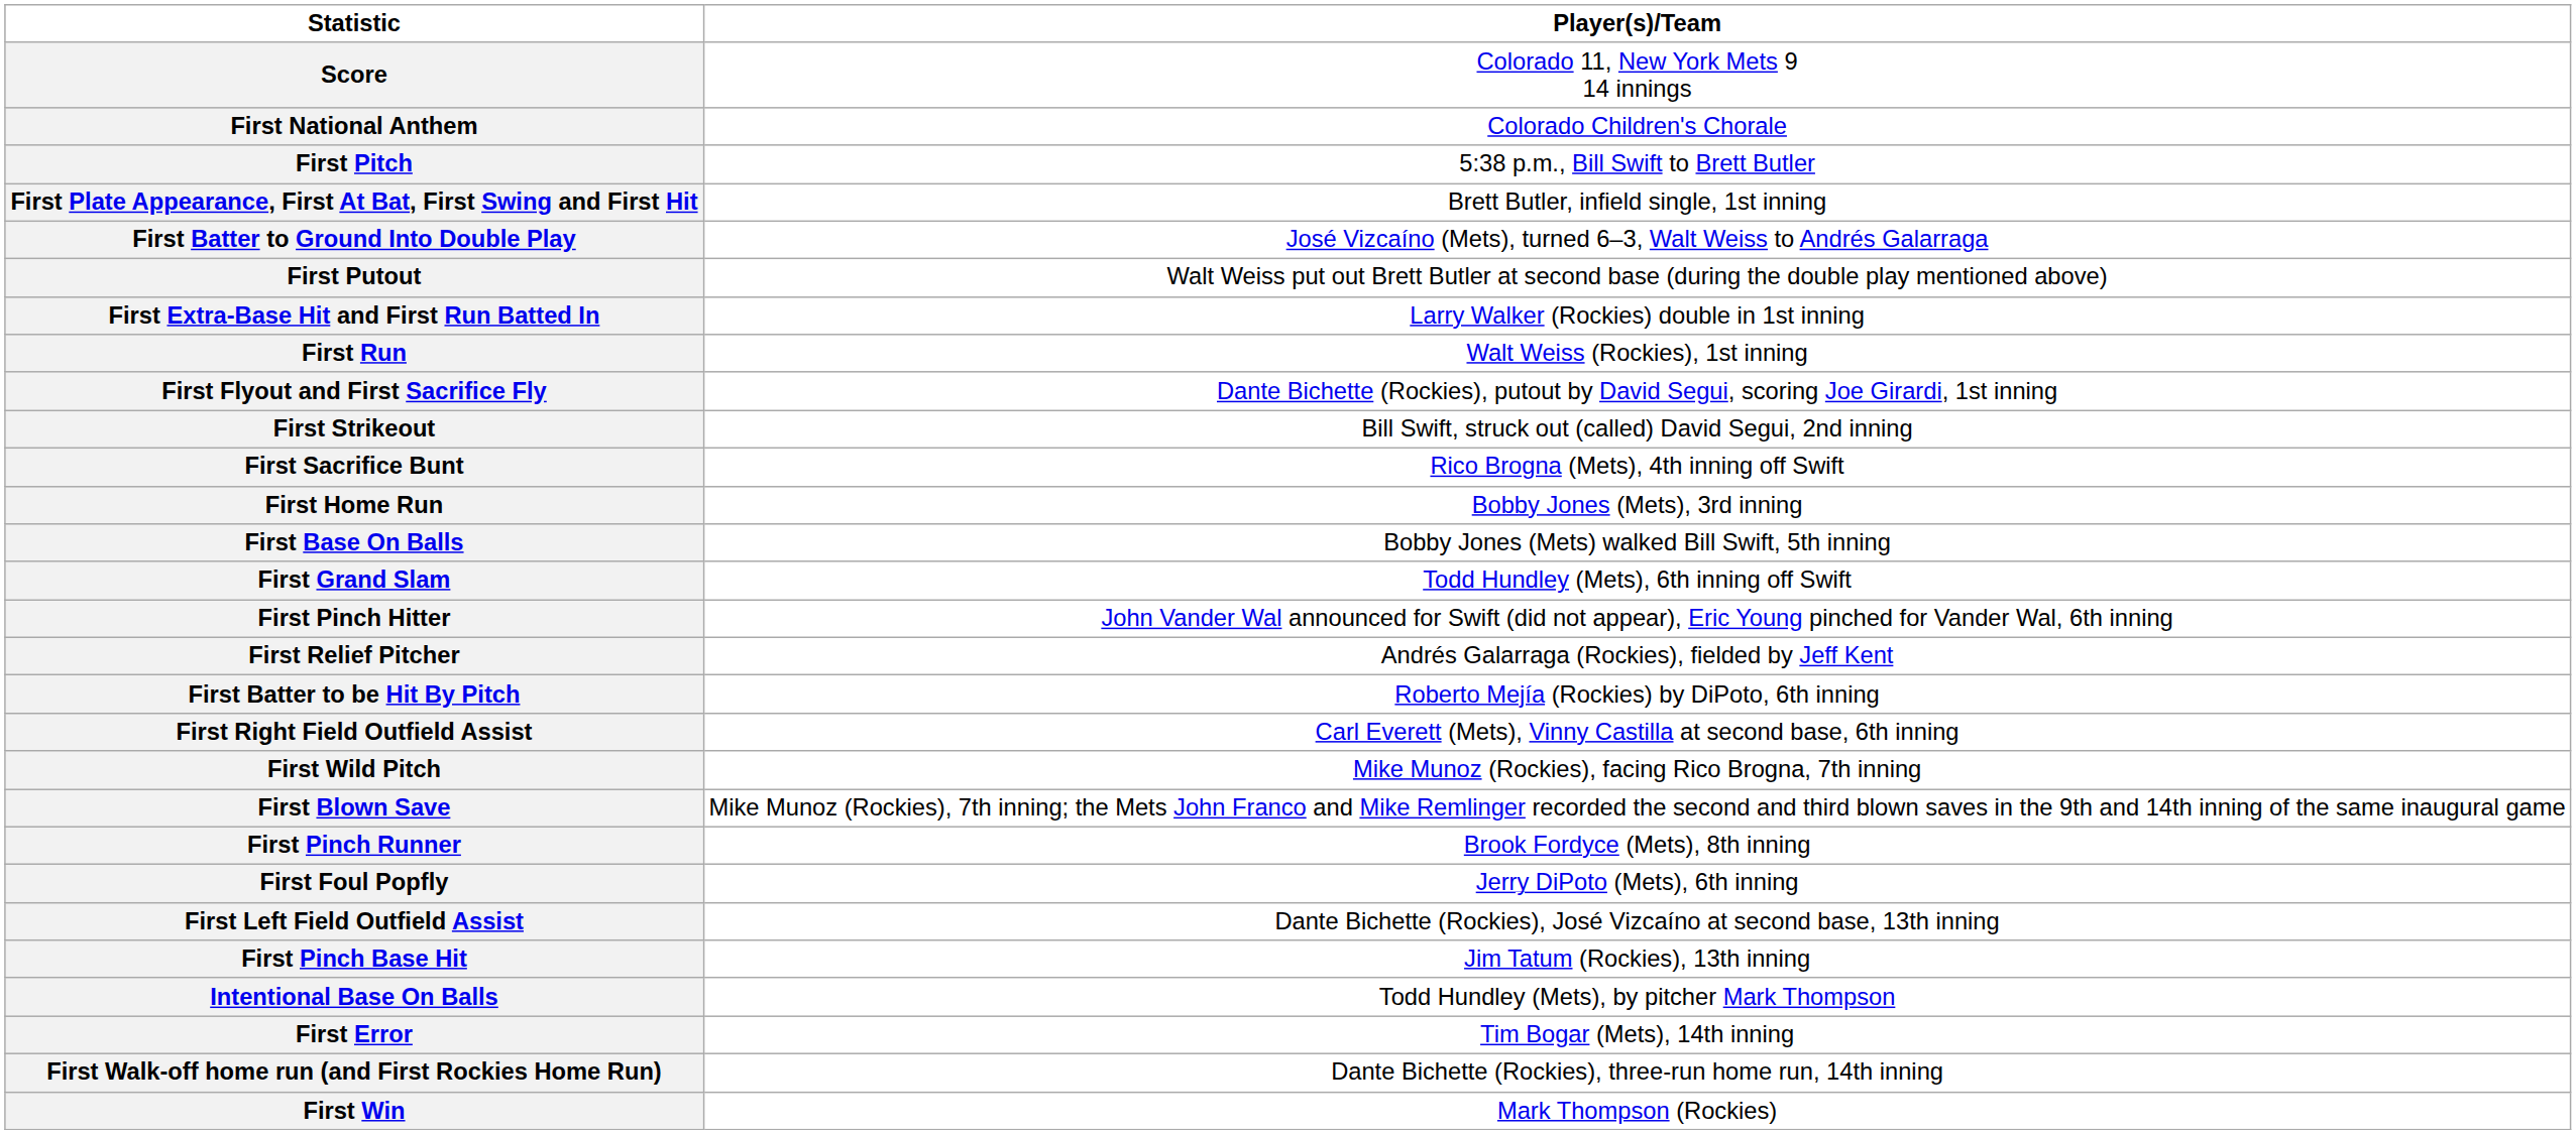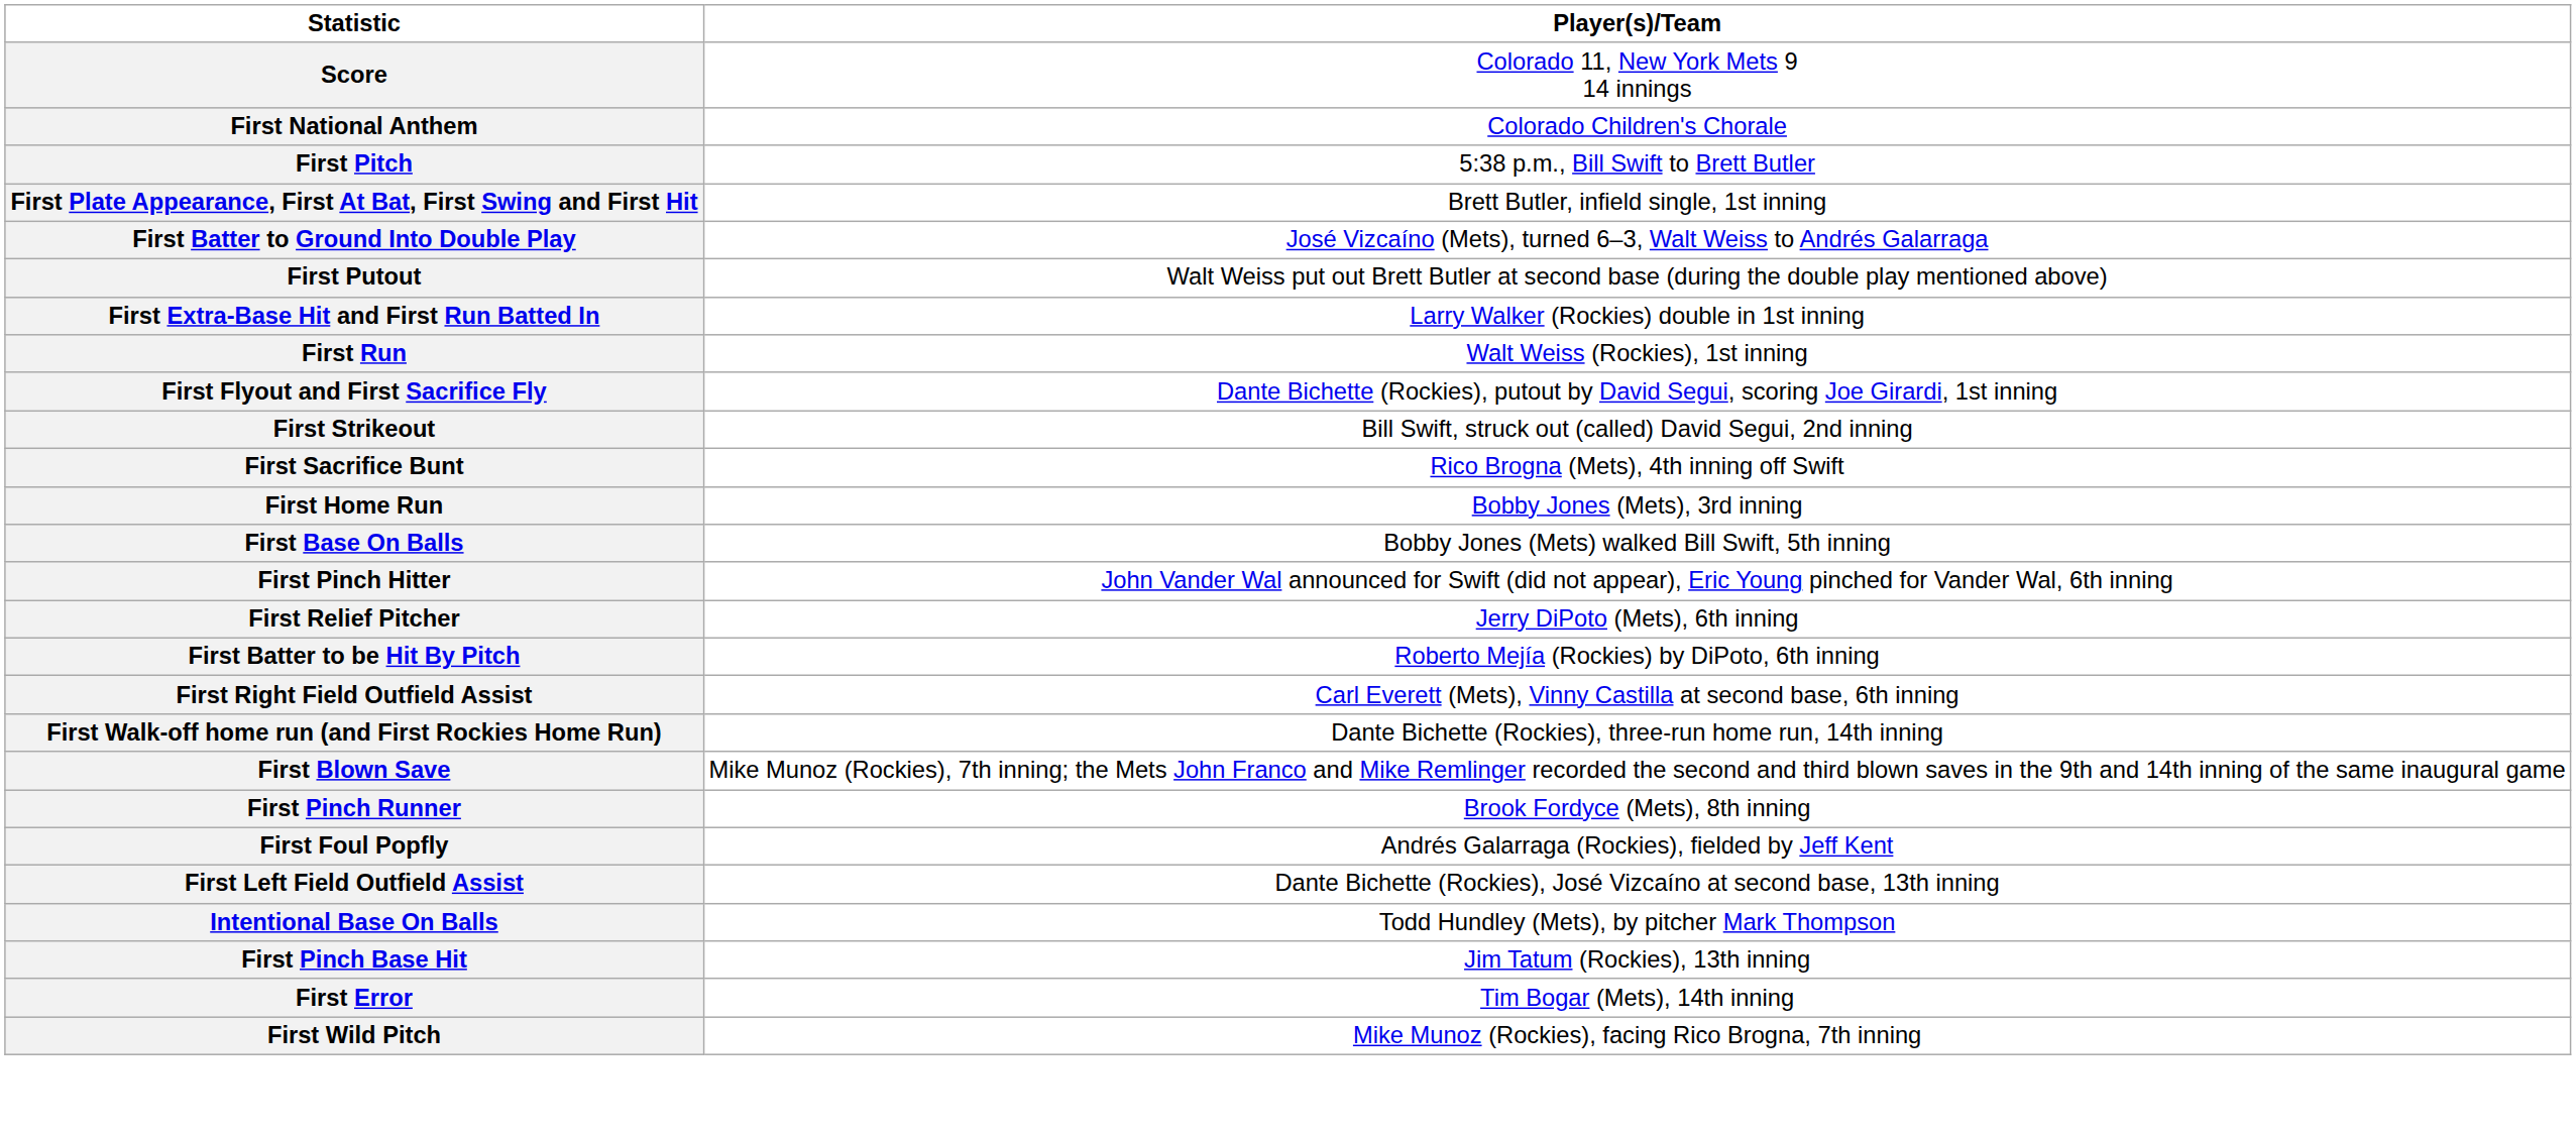 <table class="wikitable" align=center style="margin-left:15px; text-align:center; background:#ffffff;">
 <tr>
 <td><strong>Statistic</strong></td>
 <td><strong>Player(s)/Team</strong></td>
 </tr>
 <tr>
 <th>Score</th>
 <td><a href='#'>Colorado</a> 11, <a href='#'>New York Mets</a> 9<br>14 innings</td>
 </tr>
 <tr>
 <th>First National Anthem</th>
 <td><a href='#'>Colorado Children's Chorale</a></td>
 </tr>
 <tr>
 <th>First <a href='#'><span>Pitch</span></a></th>
 <td>5:38 p.m., <a href='#'>Bill Swift</a> to <a href='#'>Brett Butler</a></td>
 </tr>
 <tr>
 <th>First <a href='#'><span>Plate Appearance</span></a>, First <a href='#'><span>At Bat</span></a>, First <a href='#'><span>Swing</span></a> and First <a href='#'><span>Hit</span></a></th>
 <td>Brett Butler, infield single, 1st inning</td>
 </tr>
 <tr>
 <th>First <a href='#'><span>Batter</span></a> to <a href='#'><span>Ground Into Double Play</span></a></th>
 <td><a href='#'>José Vizcaíno</a> (Mets), turned 6–3, <a href='#'>Walt Weiss</a> to <a href='#'>Andrés Galarraga</a></td>
 </tr>
 <tr>
 <th>First Putout</th>
 <td>Walt Weiss put out Brett Butler at second base (during the double play mentioned above)</td>
 </tr>
 <tr>
 <th>First <a href='#'><span>Extra-Base Hit</span></a> and First <a href='#'><span>Run Batted In</span></a></th>
 <td><a href='#'>Larry Walker</a> (Rockies) double in 1st inning</td>
 </tr>
 <tr>
 <th>First <a href='#'><span>Run</span></a></th>
 <td><a href='#'>Walt Weiss</a> (Rockies), 1st inning</td>
 </tr>
 <tr>
 <th>First Flyout and First <a href='#'><span>Sacrifice Fly</span></a></th>
 <td><a href='#'>Dante Bichette</a> (Rockies), putout by <a href='#'>David Segui</a>, scoring <a href='#'>Joe Girardi</a>, 1st inning</td>
 </tr>
 <tr>
 <th>First Strikeout</th>
 <td>Bill Swift, struck out (called) David Segui, 2nd inning</td>
 </tr>
 <tr>
 <th>First Sacrifice Bunt</th>
 <td><a href='#'>Rico Brogna</a> (Mets), 4th inning off Swift</td>
 </tr>
 <tr>
 <th>First Home Run</th>
 <td><a href='#'>Bobby Jones</a> (Mets), 3rd inning</td>
 </tr>
 <tr>
 <th>First <a href='#'><span>Base On Balls</span></a></th>
 <td>Bobby Jones (Mets) walked Bill Swift, 5th inning</td>
 </tr>
 <tr>
-<th>First <a href='#'><span>Grand Slam</span></a></th>
-<td><a href='#'>Todd Hundley</a> (Mets), 6th inning off Swift</td>
-</tr>
-<tr>
 <th>First Pinch Hitter</th>
 <td><a href='#'>John Vander Wal</a> announced for Swift (did not appear), <a href='#'>Eric Young</a> pinched for Vander Wal, 6th inning</td>
 </tr>
 <tr>
 <th>First Relief Pitcher</th>
-<td>Andrés Galarraga (Rockies), fielded by <a href='#'>Jeff Kent</a></td>
+<td><a href='#'>Jerry DiPoto</a> (Mets), 6th inning</td>
 </tr>
 <tr>
 <th>First Batter to be <a href='#'><span>Hit By Pitch</span></a></th>
 <td><a href='#'>Roberto Mejía</a> (Rockies) by DiPoto, 6th inning</td>
 </tr>
 <tr>
 <th>First Right Field Outfield Assist</th>
 <td><a href='#'>Carl Everett</a> (Mets), <a href='#'>Vinny Castilla</a> at second base, 6th inning</td>
 </tr>
 <tr>
-<th>First Wild Pitch</th>
-<td><a href='#'>Mike Munoz</a> (Rockies), facing Rico Brogna, 7th inning</td>
+<th>First Walk-off home run (and First Rockies Home Run)</th>
+<td>Dante Bichette (Rockies), three-run home run, 14th inning</td>
 </tr>
 <tr>
 <th>First <a href='#'><span>Blown Save</span></a></th>
 <td>Mike Munoz (Rockies), 7th inning; the Mets <a href='#'>John Franco</a> and <a href='#'>Mike Remlinger</a> recorded the second and third blown saves in the 9th and 14th inning of the same inaugural game</td>
 </tr>
 <tr>
 <th>First <a href='#'><span>Pinch Runner</span></a></th>
 <td><a href='#'>Brook Fordyce</a> (Mets), 8th inning</td>
 </tr>
 <tr>
 <th>First Foul Popfly</th>
-<td><a href='#'>Jerry DiPoto</a> (Mets), 6th inning</td>
+<td>Andrés Galarraga (Rockies), fielded by <a href='#'>Jeff Kent</a></td>
 </tr>
 <tr>
 <th>First Left Field Outfield <a href='#'><span>Assist</span></a></th>
 <td>Dante Bichette (Rockies), José Vizcaíno at second base, 13th inning</td>
 </tr>
 <tr>
+<th><a href='#'><span>Intentional Base On Balls</span></a></th>
+<td>Todd Hundley (Mets), by pitcher <a href='#'>Mark Thompson</a></td>
+</tr>
+<tr>
 <th>First <a href='#'><span>Pinch Base Hit</span></a></th>
 <td><a href='#'>Jim Tatum</a> (Rockies), 13th inning</td>
-</tr>
-<tr>
-<th><a href='#'><span>Intentional Base On Balls</span></a></th>
-<td>Todd Hundley (Mets), by pitcher <a href='#'>Mark Thompson</a></td>
 </tr>
 <tr>
 <th>First <a href='#'><span>Error</span></a></th>
 <td><a href='#'>Tim Bogar</a> (Mets), 14th inning</td>
 </tr>
 <tr>
-<th>First Walk-off home run (and First Rockies Home Run)</th>
-<td>Dante Bichette (Rockies), three-run home run, 14th inning</td>
-</tr>
-<tr>
-<th>First <a href='#'><span>Win</span></a></th>
-<td><a href='#'>Mark Thompson</a> (Rockies)</td>
+<th>First Wild Pitch</th>
+<td><a href='#'>Mike Munoz</a> (Rockies), facing Rico Brogna, 7th inning</td>
 </tr>
 </table>
